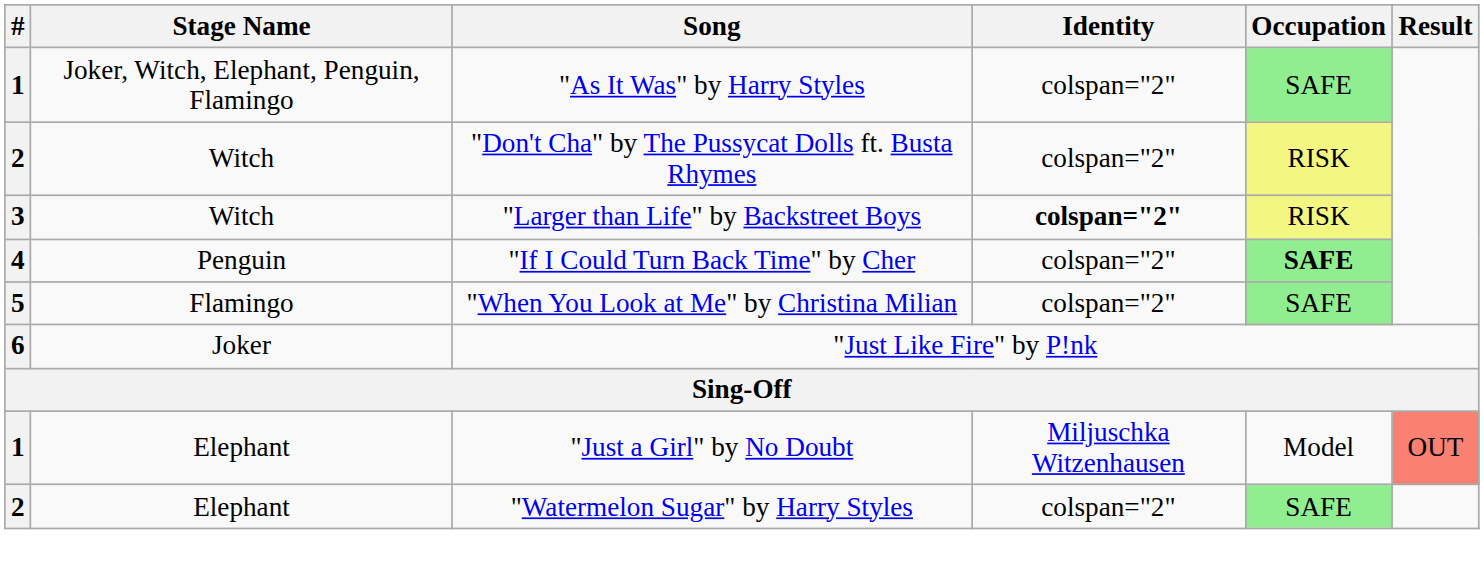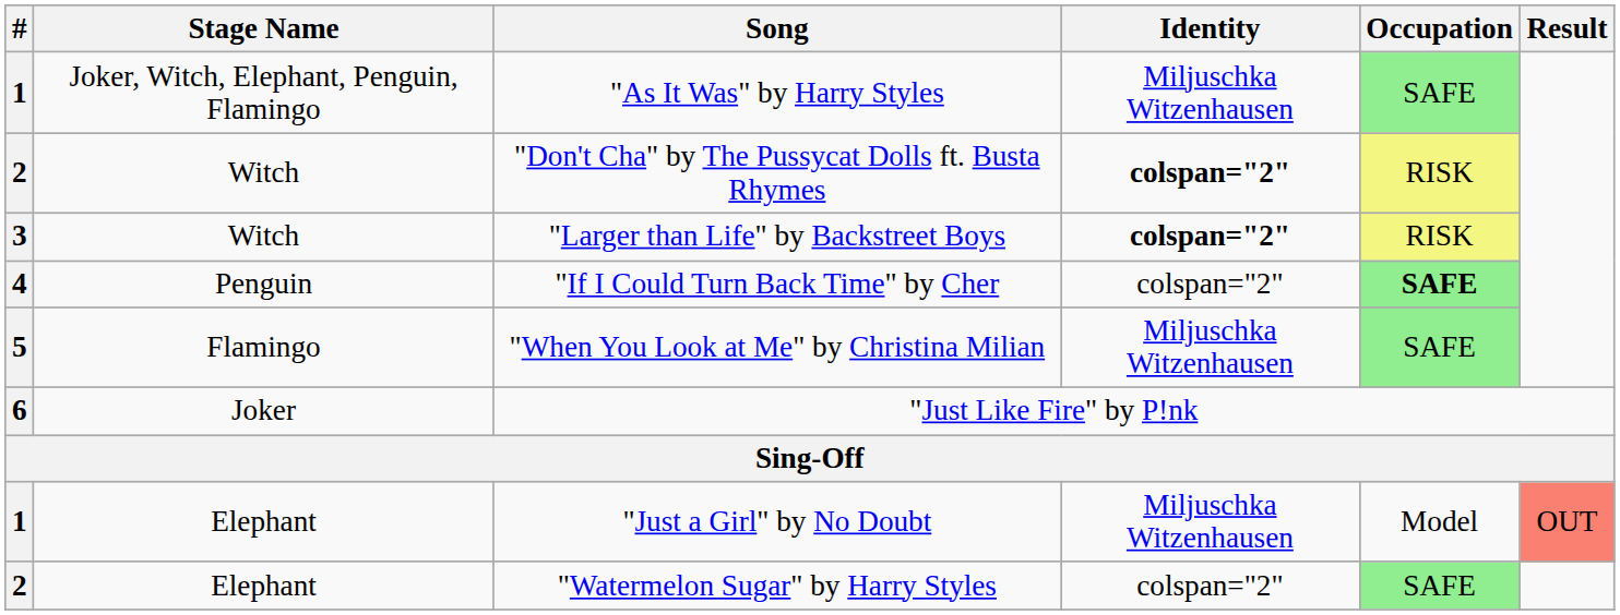 <table class="wikitable plainrowheaders" style="text-align: center;">
 <tr>
 <th><strong>#</strong></th>
 <th><strong>Stage Name</strong></th>
 <th><strong>Song</strong></th>
 <th>Identity</th>
 <th><strong>Occupation</strong></th>
 <th>Result</th>
 </tr>
 <tr>
 <th>1</th>
 <td>Joker, Witch, Elephant, Penguin, Flamingo</td>
 <td>"<a href='#'>As It Was</a>" by <a href='#'>Harry Styles</a></td>
-<td>colspan="2" </td>
+<td><a href='#'>Miljuschka Witzenhausen</a></td>
 <td bgcolor="lightgreen">SAFE</td>
 </tr>
 <tr>
 <th>2</th>
 <td>Witch</td>
 <td>"<a href='#'>Don't Cha</a>" by <a href='#'>The Pussycat Dolls</a> ft. <a href='#'>Busta Rhymes</a></td>
-<td>colspan="2" </td>
+<td><strong>colspan="2" </strong></td>
 <td bgcolor="#F3F781">RISK</td>
 </tr>
 <tr>
 <th>3</th>
 <td>Witch</td>
 <td>"<a href='#'>Larger than Life</a>" by <a href='#'>Backstreet Boys</a></td>
 <td><strong>colspan="2" </strong></td>
 <td bgcolor="#F3F781">RISK</td>
 </tr>
 <tr>
 <th>4</th>
 <td>Penguin</td>
 <td>"<a href='#'>If I Could Turn Back Time</a>" by <a href='#'>Cher</a></td>
 <td>colspan="2" </td>
 <td bgcolor="lightgreen"><strong>SAFE</strong></td>
 </tr>
 <tr>
 <th>5</th>
 <td>Flamingo</td>
 <td>"<a href='#'>When You Look at Me</a>" by <a href='#'>Christina Milian</a></td>
-<td>colspan="2" </td>
+<td><a href='#'>Miljuschka Witzenhausen</a></td>
 <td bgcolor="lightgreen">SAFE</td>
 </tr>
 <tr>
 <th>6</th>
 <td>Joker</td>
 <td colspan="4">"<a href='#'>Just Like Fire</a>" by <a href='#'>P!nk</a></td>
 </tr>
 <tr>
 <th colspan="6">Sing-Off</th>
 </tr>
 <tr>
 <th>1</th>
 <td>Elephant</td>
 <td>"<a href='#'>Just a Girl</a>" by <a href='#'>No Doubt</a></td>
 <td><a href='#'>Miljuschka Witzenhausen</a></td>
 <td>Model</td>
 <td bgcolor="salmon">OUT</td>
 </tr>
 <tr>
 <th>2</th>
 <td>Elephant</td>
 <td>"<a href='#'>Watermelon Sugar</a>" by <a href='#'>Harry Styles</a></td>
 <td>colspan="2" </td>
 <td bgcolor="lightgreen">SAFE</td>
 </tr>
 </table>
